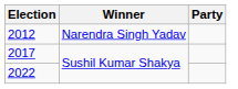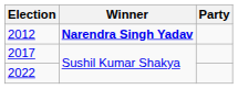 <table class="wikitable sortable">
 <tr>
 <th>Election</th>
 <th>Winner</th>
 <th colspan=2>Party</th>
 </tr>
 <tr>
 <td><a href='#'>2012</a></td>
-<td><a href='#'>Narendra Singh Yadav</a></td>
+<td><strong><a href='#'>Narendra Singh Yadav</a></strong></td>
 <td></td>
 </tr>
 <tr>
 <td><a href='#'>2017</a></td>
 <td rowspan=2><a href='#'>Sushil Kumar Shakya</a></td>
 <td></td>
 </tr>
 <tr>
 <td><a href='#'>2022</a></td>
 </tr>
 </table>
